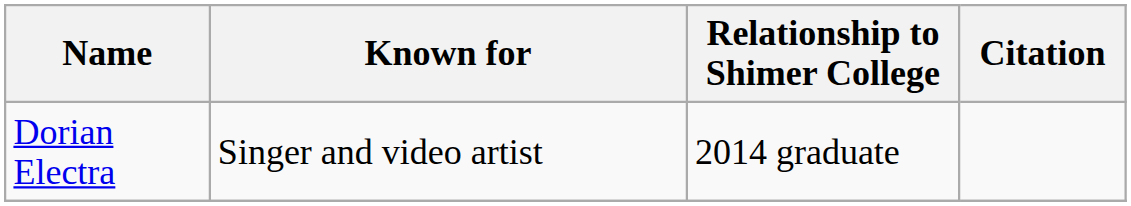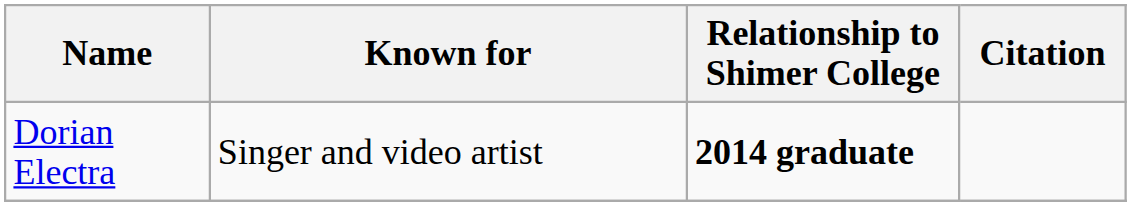 <table class="wikitable" width=80%>
 <tr>
 <th width=15%>Name</th>
 <th width = 35%>Known for</th>
 <th width = 20%>Relationship to Shimer College</th>
 <th width=10%>Citation</th>
 </tr>
 <tr>
 <td><a href='#'>Dorian Electra</a></td>
 <td>Singer and video artist</td>
-<td>2014 graduate</td>
+<td><strong>2014 graduate</strong></td>
 <td></td>
 </tr>
 <tr>
 </tr>
 </table>
